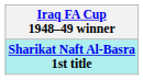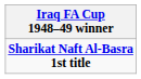 <table class="wikitable" style="text-align: center; margin: 0 auto;">
 <tr>
 <th><a href='#'>Iraq FA Cup</a><br>1948–49 winner</th>
 </tr>
 <tr>
-<td style="background: paleturquoise;"><strong><a href='#'>Sharikat Naft Al-Basra</a></strong><br><strong>1st title</strong></td>
+<td><strong><a href='#'>Sharikat Naft Al-Basra</a></strong><br><strong>1st title</strong></td>
 </tr>
 </table>
